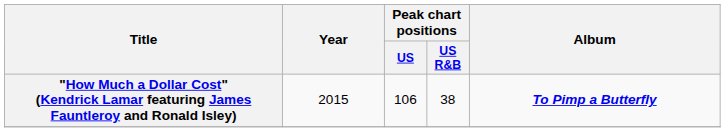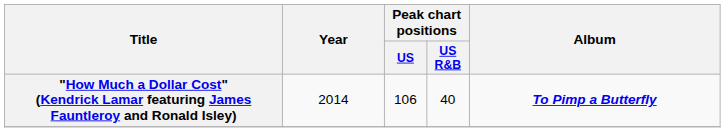 <table class="wikitable plainrowheaders" style="text-align:center;">
 <tr>
 <th scope="col" rowspan="2" style="width:20em;">Title</th>
 <th scope="col" rowspan="2" style="width:7em;">Year</th>
 <th scope="col" colspan="2">Peak chart positions</th>
 <th scope="col" rowspan="2" style="width:18em;">Album</th>
 </tr>
 <tr>
 <th scope="col" style="width:3em;font-size:90%;"><a href='#'>US</a></th>
 <th scope="col" style="width:3em;font-size:90%;"><a href='#'>US R&B</a><br></th>
 </tr>
 <tr>
 <th scope="row">"<a href='#'>How Much a Dollar Cost</a>"<br><span>(<a href='#'>Kendrick Lamar</a> featuring <a href='#'>James Fauntleroy</a> and Ronald Isley)</span></th>
-<td rowspan="1">2015</td>
+<td rowspan="1">2014</td>
 <td>106</td>
-<td>38</td>
+<td>40</td>
 <td><strong><em><a href='#'>To Pimp a Butterfly</a></em></strong></td>
 </tr>
 <tr>
 </tr>
 </table>
